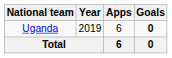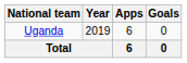 <table class="wikitable" style="text-align:center">
 <tr>
 <th>National team</th>
 <th>Year</th>
 <th>Apps</th>
 <th>Goals</th>
 </tr>
 <tr>
 <td rowspan="1"><a href='#'>Uganda</a></td>
 <td>2019</td>
 <td>6</td>
-<td><strong>0</strong></td>
+<td>0</td>
 </tr>
 <tr>
 <th colspan="2">Total</th>
 <th>6</th>
 <th>0</th>
 </tr>
 </table>
